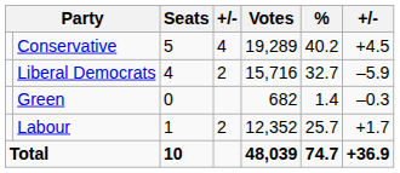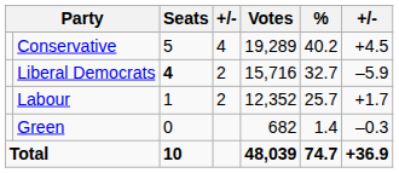 <table class="wikitable sortable">
 <tr>
 <th colspan="2">Party</th>
 <th>Seats</th>
 <th>+/-</th>
 <th>Votes</th>
 <th>%</th>
 <th>+/-</th>
 </tr>
 <tr>
 <td style="background-color: "></td>
 <td><a href='#'>Conservative</a></td>
 <td>5</td>
 <td> 4</td>
 <td style="text-align:right;">19,289</td>
 <td style="text-align:right;">40.2</td>
 <td style="text-align:right;">+4.5</td>
 </tr>
 <tr>
 <td style="background-color: "></td>
 <td><a href='#'>Liberal Democrats</a></td>
-<td>4</td>
+<td><strong>4</strong></td>
 <td> 2</td>
 <td style="text-align:right;">15,716</td>
 <td style="text-align:right;">32.7</td>
 <td style="text-align:right;">–5.9</td>
+</tr>
+<tr>
+<td style="background-color: "></td>
+<td><a href='#'>Labour</a></td>
+<td>1</td>
+<td> 2</td>
+<td style="text-align:right;">12,352</td>
+<td style="text-align:right;">25.7</td>
+<td style="text-align:right;">+1.7</td>
 </tr>
 <tr>
 <td style="background-color: "></td>
 <td><a href='#'>Green</a></td>
 <td>0</td>
 <td></td>
 <td style="text-align:right;">682</td>
 <td style="text-align:right;">1.4</td>
 <td style="text-align:right;">–0.3</td>
 </tr>
 <tr>
-<td style="background-color: "></td>
-<td><a href='#'>Labour</a></td>
-<td>1</td>
-<td> 2</td>
-<td style="text-align:right;">12,352</td>
-<td style="text-align:right;">25.7</td>
-<td style="text-align:right;">+1.7</td>
-</tr>
-<tr>
 <td colspan="2"><strong>Total</strong></td>
 <td><strong>10</strong></td>
 <td></td>
 <td style="text-align:right;"><strong>48,039</strong></td>
 <td style="text-align:right;"><strong>74.7</strong></td>
 <td style="text-align:right;"><strong>+36.9</strong></td>
 </tr>
 </table>
